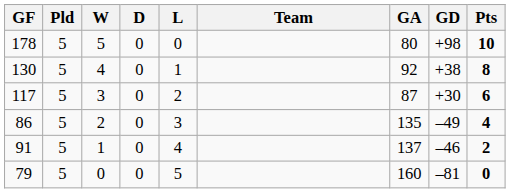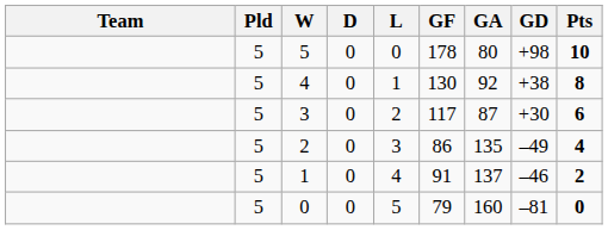 <table class="wikitable" style="text-align: center;">
 <tr>
-<th width="30">GF</th>
+<th width="180">Team</th>
 <th width="30">Pld</th>
 <th width="30">W</th>
 <th width="30">D</th>
 <th width="30">L</th>
-<th width="180">Team</th>
+<th width="30">GF</th>
 <th width="30">GA</th>
 <th width="30">GD</th>
 <th width="30">Pts</th>
 </tr>
 <tr>
-<td>178</td>
+<td align="left"></td>
 <td>5</td>
 <td>5</td>
 <td>0</td>
 <td>0</td>
-<td align="left"></td>
+<td>178</td>
 <td>80</td>
 <td>+98</td>
 <td><strong>10</strong></td>
 </tr>
 <tr>
-<td>130</td>
+<td align="left"></td>
 <td>5</td>
 <td>4</td>
 <td>0</td>
 <td>1</td>
-<td align="left"></td>
+<td>130</td>
 <td>92</td>
 <td>+38</td>
 <td><strong>8</strong></td>
 </tr>
 <tr>
-<td>117</td>
+<td align="left"></td>
 <td>5</td>
 <td>3</td>
 <td>0</td>
 <td>2</td>
-<td align="left"></td>
+<td>117</td>
 <td>87</td>
 <td>+30</td>
 <td><strong>6</strong></td>
 </tr>
 <tr>
-<td>86</td>
+<td align="left"></td>
 <td>5</td>
 <td>2</td>
 <td>0</td>
 <td>3</td>
-<td align="left"></td>
+<td>86</td>
 <td>135</td>
 <td>–49</td>
 <td><strong>4</strong></td>
 </tr>
 <tr>
-<td>91</td>
+<td align="left"></td>
 <td>5</td>
 <td>1</td>
 <td>0</td>
 <td>4</td>
-<td align="left"></td>
+<td>91</td>
 <td>137</td>
 <td>–46</td>
 <td><strong>2</strong></td>
 </tr>
 <tr>
-<td>79</td>
+<td align="left"></td>
 <td>5</td>
 <td>0</td>
 <td>0</td>
 <td>5</td>
-<td align="left"></td>
+<td>79</td>
 <td>160</td>
 <td>–81</td>
 <td><strong>0</strong></td>
 </tr>
 </table>
